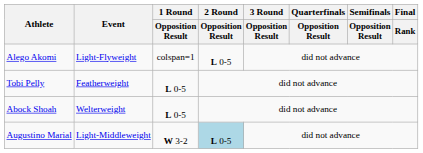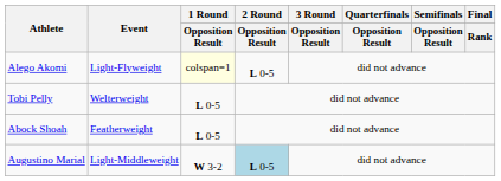 <table class="wikitable" style="font-size:90%">
 <tr>
 <th rowspan="2">Athlete</th>
 <th rowspan="2">Event</th>
 <th>1 Round</th>
 <th>2 Round</th>
 <th>3 Round</th>
 <th>Quarterfinals</th>
 <th>Semifinals</th>
 <th colspan=2>Final</th>
 </tr>
 <tr style="font-size:95%">
 <th>Opposition<br>Result</th>
 <th>Opposition<br>Result</th>
 <th>Opposition<br>Result</th>
 <th>Opposition<br>Result</th>
 <th>Opposition<br>Result</th>
 <th colspan=2>Rank</th>
 </tr>
 <tr align=center>
 <td align=left><a href='#'>Alego Akomi</a></td>
 <td align=left><a href='#'>Light-Flyweight</a></td>
-<td>colspan=1 </td>
+<td style="background: lightyellow;">colspan=1 </td>
 <td><br><strong>L</strong> 0-5</td>
 <td colspan=5>did not advance</td>
 </tr>
 <tr align=center>
 <td align=left><a href='#'>Tobi Pelly</a></td>
-<td align=left><a href='#'>Featherweight</a></td>
+<td align=left><a href='#'>Welterweight</a></td>
 <td><br><strong>L</strong> 0-5</td>
 <td colspan=6>did not advance</td>
 </tr>
 <tr align=center>
 <td align=left><a href='#'>Abock Shoah</a></td>
-<td align=left><a href='#'>Welterweight</a></td>
+<td align=left><a href='#'>Featherweight</a></td>
 <td><br><strong>L</strong> 0-5</td>
 <td colspan=6>did not advance</td>
 </tr>
 <tr align=center>
 <td align=left><a href='#'>Augustino Marial</a></td>
 <td align=left><a href='#'>Light-Middleweight</a></td>
 <td><br><strong>W</strong> 3-2</td>
 <td style="background: lightblue;"><br><strong>L</strong> 0-5</td>
 <td colspan=4>did not advance</td>
 </tr>
 </table>
